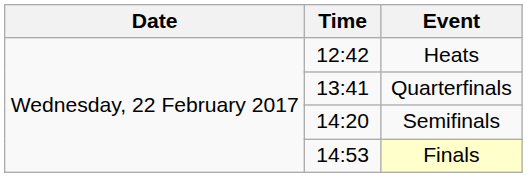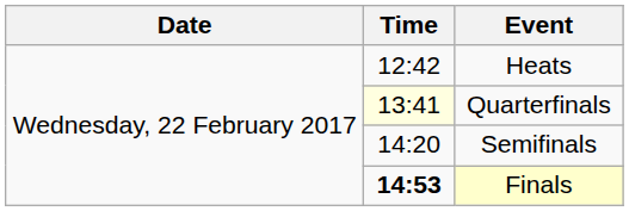 <table class = "wikitable" style="text-align:center;">
 <tr>
 <th width=220>Date</th>
 <th width=50>Time</th>
 <th width=100>Event</th>
 </tr>
 <tr>
 <td rowspan=4>Wednesday, 22 February 2017</td>
 <td>12:42</td>
 <td>Heats</td>
 </tr>
 <tr>
-<td>13:41</td>
+<td style="background: lightyellow;">13:41</td>
 <td>Quarterfinals</td>
 </tr>
 <tr>
 <td>14:20</td>
 <td>Semifinals</td>
 </tr>
 <tr>
-<td>14:53</td>
+<td><strong>14:53</strong></td>
 <td bgcolor=ffffcc>Finals</td>
 </tr>
 </table>
